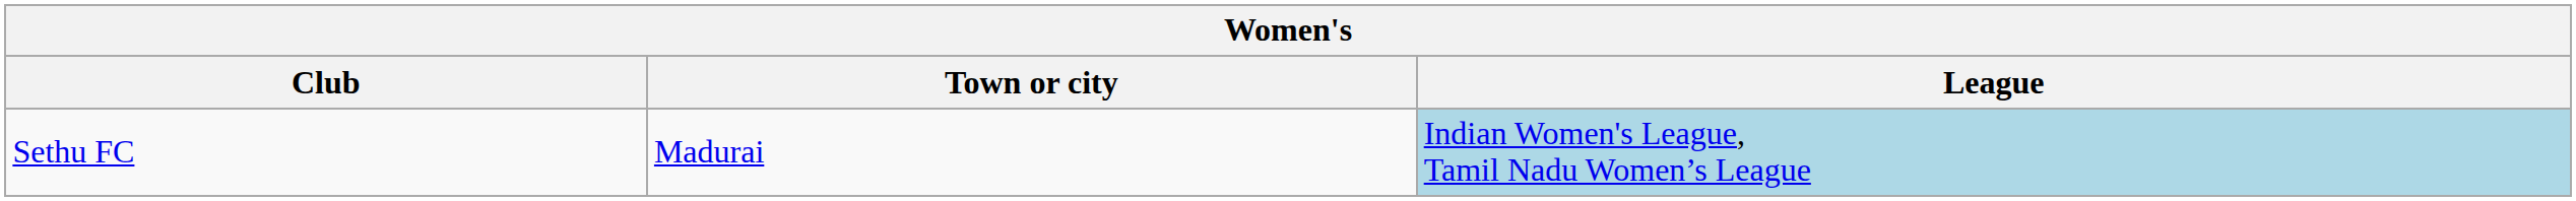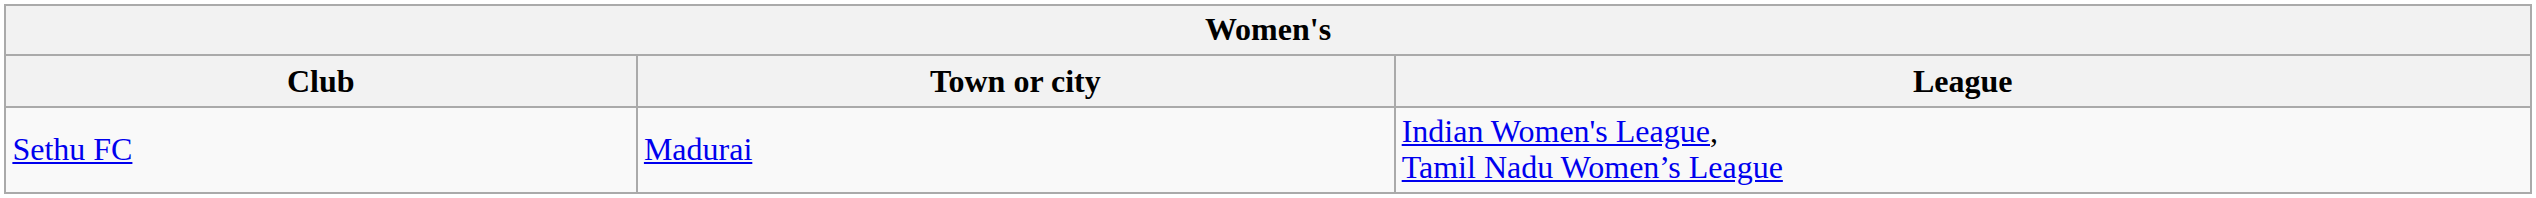 <table class="wikitable sortable" width="100%">
 <tr>
 <th colspan="3">Women's</th>
 </tr>
 <tr>
 <th !width="25%">Club</th>
 <th width="30%">Town or city</th>
 <th width="45%">League</th>
 </tr>
 <tr>
 <td><a href='#'>Sethu FC</a></td>
 <td><a href='#'>Madurai</a></td>
-<td style="background: lightblue;"><a href='#'>Indian Women's League</a>,<br><a href='#'>Tamil Nadu Women’s League</a></td>
+<td><a href='#'>Indian Women's League</a>,<br><a href='#'>Tamil Nadu Women’s League</a></td>
 </tr>
 </table>
